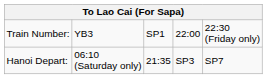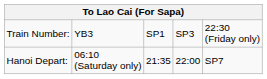 <table class="wikitable">
 <tr>
 <th colspan="5">To Lao Cai (For Sapa)</th>
 </tr>
 <tr>
 <td>Train Number:</td>
 <td>YB3</td>
 <td>SP1</td>
-<td>22:00</td>
+<td>SP3</td>
 <td>22:30<br>(Friday only)</td>
 </tr>
 <tr>
 <td>Hanoi Depart:</td>
 <td>06:10<br>(Saturday only)</td>
 <td>21:35</td>
-<td>SP3</td>
+<td>22:00</td>
 <td>SP7</td>
 </tr>
 </table>
